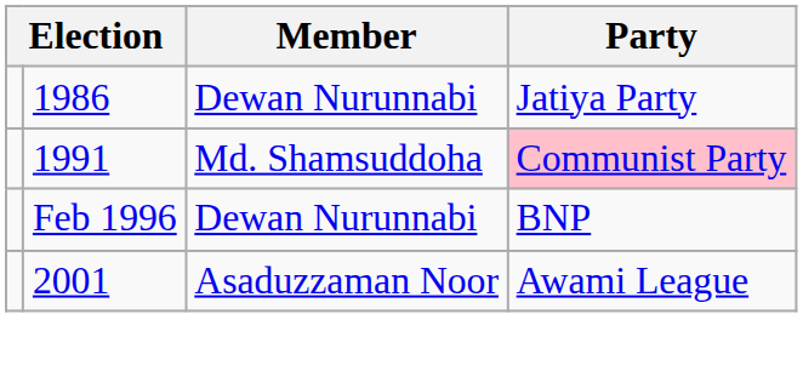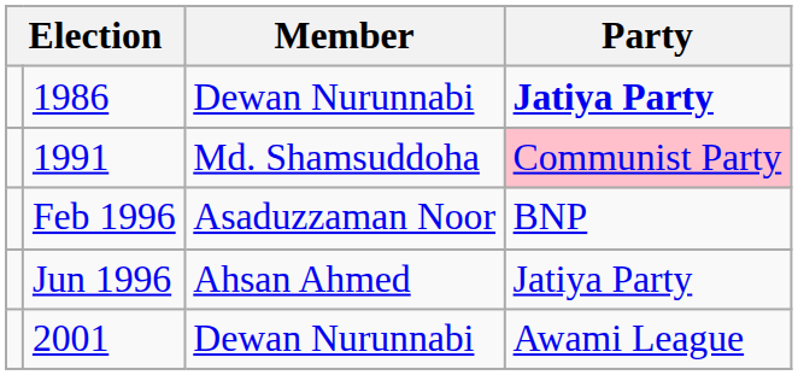 <table class="wikitable">
 <tr>
 <th colspan="2">Election</th>
 <th>Member</th>
 <th>Party</th>
 </tr>
 <tr>
 <td style="background-color:"></td>
 <td><a href='#'>1986</a></td>
 <td><a href='#'>Dewan Nurunnabi</a></td>
-<td><a href='#'>Jatiya Party</a></td>
+<td><strong><a href='#'>Jatiya Party</a></strong></td>
 </tr>
 <tr>
 <td style="background-color:"></td>
 <td><a href='#'>1991</a></td>
 <td><a href='#'>Md. Shamsuddoha</a></td>
 <td style="background: pink;"><a href='#'>Communist Party</a></td>
 </tr>
 <tr>
 <td style="background-color:"></td>
 <td><a href='#'>Feb 1996</a></td>
-<td><a href='#'>Dewan Nurunnabi</a></td>
+<td><a href='#'>Asaduzzaman Noor</a></td>
 <td><a href='#'>BNP</a></td>
 </tr>
 <tr>
 <td style="background-color:"></td>
+<td><a href='#'>Jun 1996</a></td>
+<td><a href='#'>Ahsan Ahmed</a></td>
+<td><a href='#'>Jatiya Party</a></td>
+</tr>
+<tr>
+<td style="background-color:"></td>
 <td><a href='#'>2001</a></td>
-<td><a href='#'>Asaduzzaman Noor</a></td>
+<td><a href='#'>Dewan Nurunnabi</a></td>
 <td><a href='#'>Awami League</a></td>
 </tr>
 </table>
